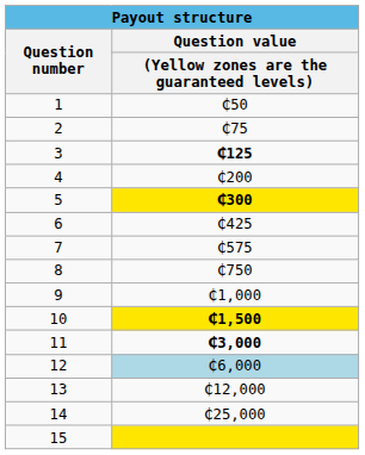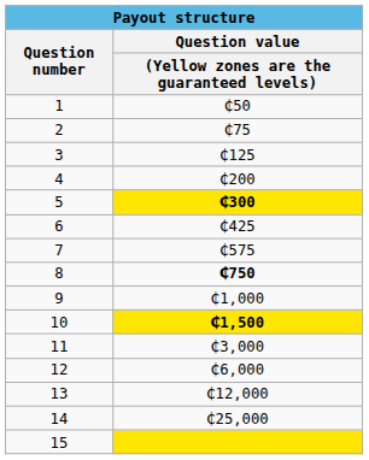 <table class="wikitable" style="text-align:center; border:1px;; cellpadding:2; cellspacing:0; width:25%;">
 <tr>
 <th colspan="2" style="background: #58B9E4">Payout structure</th>
 </tr>
 <tr>
 <th rowspan=2 style="width: 30%">Question number</th>
 <th>Question value</th>
 </tr>
 <tr>
 <th style="width: 70%">(Yellow zones are the guaranteed levels)</th>
 </tr>
 <tr>
 <td>1</td>
 <td>₵50</td>
 </tr>
 <tr>
 <td>2</td>
 <td>₵75</td>
 </tr>
 <tr>
 <td>3</td>
-<td><strong>₵125</strong></td>
+<td>₵125</td>
 </tr>
 <tr>
 <td>4</td>
 <td>₵200</td>
 </tr>
 <tr>
 <td>5</td>
 <td style="background: #FFE600"><strong>₵300</strong></td>
 </tr>
 <tr>
 <td>6</td>
 <td>₵425</td>
 </tr>
 <tr>
 <td>7</td>
 <td>₵575</td>
 </tr>
 <tr>
 <td>8</td>
-<td>₵750</td>
+<td><strong>₵750</strong></td>
 </tr>
 <tr>
 <td>9</td>
 <td>₵1,000</td>
 </tr>
 <tr>
 <td>10</td>
 <td style="background: #FFE600"><strong>₵1,500</strong></td>
 </tr>
 <tr>
 <td>11</td>
-<td><strong>₵3,000</strong></td>
+<td>₵3,000</td>
 </tr>
 <tr>
 <td>12</td>
-<td style="background: lightblue;">₵6,000</td>
+<td>₵6,000</td>
 </tr>
 <tr>
 <td>13</td>
 <td>₵12,000</td>
 </tr>
 <tr>
 <td>14</td>
 <td>₵25,000</td>
 </tr>
 <tr>
 <td>15</td>
 <td style="background: #FFE600"><strong></strong></td>
 </tr>
 </table>
